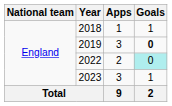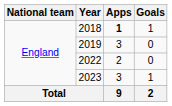 <table class="wikitable" style="text-align: center;">
 <tr>
 <th>National team</th>
 <th>Year</th>
 <th>Apps</th>
 <th>Goals</th>
 </tr>
 <tr>
 <td rowspan="4"><a href='#'>England</a></td>
 <td>2018</td>
-<td>1</td>
+<td><strong>1</strong></td>
 <td>1</td>
 </tr>
 <tr>
 <td>2019</td>
 <td>3</td>
-<td><strong>0</strong></td>
+<td>0</td>
 </tr>
 <tr>
 <td>2022</td>
 <td>2</td>
-<td style="background: paleturquoise;">0</td>
+<td>0</td>
 </tr>
 <tr>
 <td>2023</td>
 <td>3</td>
 <td>1</td>
 </tr>
 <tr>
 <th colspan="2">Total</th>
 <th>9</th>
 <th>2</th>
 </tr>
 </table>
